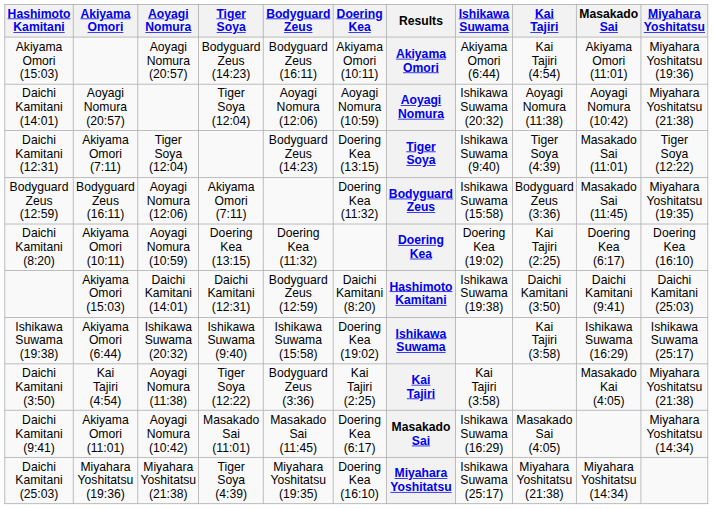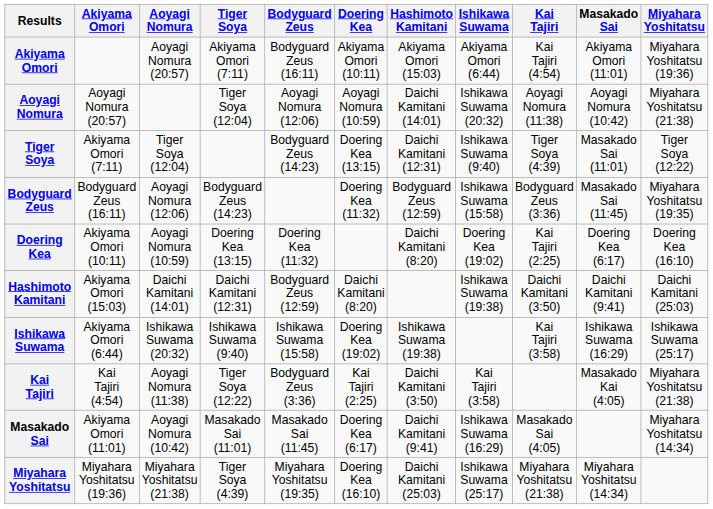 <table class="wikitable" style="text-align:center; margin: 1em auto 1em auto">
 <tr>
-<th><a href='#'>Hashimoto</a><br><a href='#'>Kamitani</a></th>
+<th>Results</th>
 <th><a href='#'>Akiyama</a><br><a href='#'>Omori</a></th>
 <th><a href='#'>Aoyagi</a><br><a href='#'>Nomura</a></th>
 <th><a href='#'>Tiger</a><br><a href='#'>Soya</a></th>
 <th><a href='#'>Bodyguard</a><br><a href='#'>Zeus</a></th>
 <th><a href='#'>Doering</a><br><a href='#'>Kea</a></th>
-<th>Results</th>
+<th><a href='#'>Hashimoto</a><br><a href='#'>Kamitani</a></th>
 <th><a href='#'>Ishikawa</a><br><a href='#'>Suwama</a></th>
 <th><a href='#'>Kai</a><br><a href='#'>Tajiri</a></th>
 <th>Masakado<br><a href='#'>Sai</a></th>
 <th><a href='#'>Miyahara</a><br><a href='#'>Yoshitatsu</a></th>
 </tr>
 <tr>
-<td>Akiyama<br>Omori<br>(15:03)</td>
+<th><a href='#'>Akiyama</a><br><a href='#'>Omori</a></th>
 <td></td>
 <td>Aoyagi<br>Nomura<br>(20:57)</td>
-<td>Bodyguard<br>Zeus<br>(14:23)</td>
+<td>Akiyama<br>Omori<br>(7:11)</td>
 <td>Bodyguard<br>Zeus<br>(16:11)</td>
 <td>Akiyama<br>Omori<br>(10:11)</td>
-<th><a href='#'>Akiyama</a><br><a href='#'>Omori</a></th>
+<td>Akiyama<br>Omori<br>(15:03)</td>
 <td>Akiyama<br>Omori<br>(6:44)</td>
 <td>Kai<br>Tajiri<br>(4:54)</td>
 <td>Akiyama<br>Omori<br>(11:01)</td>
 <td>Miyahara<br>Yoshitatsu<br>(19:36)</td>
 </tr>
 <tr>
-<td>Daichi<br>Kamitani<br>(14:01)</td>
+<th><a href='#'>Aoyagi</a><br><a href='#'>Nomura</a></th>
 <td>Aoyagi<br>Nomura<br>(20:57)</td>
 <td></td>
 <td>Tiger<br>Soya<br>(12:04)</td>
 <td>Aoyagi<br>Nomura<br>(12:06)</td>
 <td>Aoyagi<br>Nomura<br>(10:59)</td>
-<th><a href='#'>Aoyagi</a><br><a href='#'>Nomura</a></th>
+<td>Daichi<br>Kamitani<br>(14:01)</td>
 <td>Ishikawa<br>Suwama<br>(20:32)</td>
 <td>Aoyagi<br>Nomura<br>(11:38)</td>
 <td>Aoyagi<br>Nomura<br>(10:42)</td>
 <td>Miyahara<br>Yoshitatsu<br>(21:38)</td>
 </tr>
 <tr>
-<td>Daichi<br>Kamitani<br>(12:31)</td>
+<th><a href='#'>Tiger</a><br><a href='#'>Soya</a></th>
 <td>Akiyama<br>Omori<br>(7:11)</td>
 <td>Tiger<br>Soya<br>(12:04)</td>
 <td></td>
 <td>Bodyguard<br>Zeus<br>(14:23)</td>
 <td>Doering<br>Kea<br>(13:15)</td>
-<th><a href='#'>Tiger</a><br><a href='#'>Soya</a></th>
+<td>Daichi<br>Kamitani<br>(12:31)</td>
 <td>Ishikawa<br>Suwama<br>(9:40)</td>
 <td>Tiger<br>Soya<br>(4:39)</td>
 <td>Masakado<br>Sai<br>(11:01)</td>
 <td>Tiger<br>Soya<br>(12:22)</td>
 </tr>
 <tr>
-<td>Bodyguard<br>Zeus<br>(12:59)</td>
+<th><a href='#'>Bodyguard</a><br><a href='#'>Zeus</a></th>
 <td>Bodyguard<br>Zeus<br>(16:11)</td>
 <td>Aoyagi<br>Nomura<br>(12:06)</td>
-<td>Akiyama<br>Omori<br>(7:11)</td>
+<td>Bodyguard<br>Zeus<br>(14:23)</td>
 <td></td>
 <td>Doering<br>Kea<br>(11:32)</td>
-<th><a href='#'>Bodyguard</a><br><a href='#'>Zeus</a></th>
+<td>Bodyguard<br>Zeus<br>(12:59)</td>
 <td>Ishikawa<br>Suwama<br>(15:58)</td>
 <td>Bodyguard<br>Zeus<br>(3:36)</td>
 <td>Masakado<br>Sai<br>(11:45)</td>
 <td>Miyahara<br>Yoshitatsu<br>(19:35)</td>
 </tr>
 <tr>
-<td>Daichi<br>Kamitani<br>(8:20)</td>
+<th><a href='#'>Doering</a><br><a href='#'>Kea</a></th>
 <td>Akiyama<br>Omori<br>(10:11)</td>
 <td>Aoyagi<br>Nomura<br>(10:59)</td>
 <td>Doering<br>Kea<br>(13:15)</td>
 <td>Doering<br>Kea<br>(11:32)</td>
 <td></td>
-<th><a href='#'>Doering</a><br><a href='#'>Kea</a></th>
+<td>Daichi<br>Kamitani<br>(8:20)</td>
 <td>Doering<br>Kea<br>(19:02)</td>
 <td>Kai<br>Tajiri<br>(2:25)</td>
 <td>Doering<br>Kea<br>(6:17)</td>
 <td>Doering<br>Kea<br>(16:10)</td>
 </tr>
 <tr>
-<td></td>
+<th><a href='#'>Hashimoto</a><br><a href='#'>Kamitani</a></th>
 <td>Akiyama<br>Omori<br>(15:03)</td>
 <td>Daichi<br>Kamitani<br>(14:01)</td>
 <td>Daichi<br>Kamitani<br>(12:31)</td>
 <td>Bodyguard<br>Zeus<br>(12:59)</td>
 <td>Daichi<br>Kamitani<br>(8:20)</td>
-<th><a href='#'>Hashimoto</a><br><a href='#'>Kamitani</a></th>
+<td></td>
 <td>Ishikawa<br>Suwama<br>(19:38)</td>
 <td>Daichi<br>Kamitani<br>(3:50)</td>
 <td>Daichi<br>Kamitani<br>(9:41)</td>
 <td>Daichi<br>Kamitani<br>(25:03)</td>
 </tr>
 <tr>
-<td>Ishikawa<br>Suwama<br>(19:38)</td>
+<th><a href='#'>Ishikawa</a><br><a href='#'>Suwama</a></th>
 <td>Akiyama<br>Omori<br>(6:44)</td>
 <td>Ishikawa<br>Suwama<br>(20:32)</td>
 <td>Ishikawa<br>Suwama<br>(9:40)</td>
 <td>Ishikawa<br>Suwama<br>(15:58)</td>
 <td>Doering<br>Kea<br>(19:02)</td>
-<th><a href='#'>Ishikawa</a><br><a href='#'>Suwama</a></th>
+<td>Ishikawa<br>Suwama<br>(19:38)</td>
 <td></td>
 <td>Kai<br>Tajiri<br>(3:58)</td>
 <td>Ishikawa<br>Suwama<br>(16:29)</td>
 <td>Ishikawa<br>Suwama<br>(25:17)</td>
 </tr>
 <tr>
-<td>Daichi<br>Kamitani<br>(3:50)</td>
+<th><a href='#'>Kai</a><br><a href='#'>Tajiri</a></th>
 <td>Kai<br>Tajiri<br>(4:54)</td>
 <td>Aoyagi<br>Nomura<br>(11:38)</td>
 <td>Tiger<br>Soya<br>(12:22)</td>
 <td>Bodyguard<br>Zeus<br>(3:36)</td>
 <td>Kai<br>Tajiri<br>(2:25)</td>
-<th><a href='#'>Kai</a><br><a href='#'>Tajiri</a></th>
+<td>Daichi<br>Kamitani<br>(3:50)</td>
 <td>Kai<br>Tajiri<br>(3:58)</td>
 <td></td>
 <td>Masakado<br>Kai<br>(4:05)</td>
 <td>Miyahara<br>Yoshitatsu<br>(21:38)</td>
 </tr>
 <tr>
-<td>Daichi<br>Kamitani<br>(9:41)</td>
+<th>Masakado<br><a href='#'>Sai</a></th>
 <td>Akiyama<br>Omori<br>(11:01)</td>
 <td>Aoyagi<br>Nomura<br>(10:42)</td>
 <td>Masakado<br>Sai<br>(11:01)</td>
 <td>Masakado<br>Sai<br>(11:45)</td>
 <td>Doering<br>Kea<br>(6:17)</td>
-<th>Masakado<br><a href='#'>Sai</a></th>
+<td>Daichi<br>Kamitani<br>(9:41)</td>
 <td>Ishikawa<br>Suwama<br>(16:29)</td>
 <td>Masakado<br>Sai<br>(4:05)</td>
 <td></td>
 <td>Miyahara<br>Yoshitatsu<br>(14:34)</td>
 </tr>
 <tr>
-<td>Daichi<br>Kamitani<br>(25:03)</td>
+<th><a href='#'>Miyahara</a><br><a href='#'>Yoshitatsu</a></th>
 <td>Miyahara<br>Yoshitatsu<br>(19:36)</td>
 <td>Miyahara<br>Yoshitatsu<br>(21:38)</td>
 <td>Tiger<br>Soya<br>(4:39)</td>
 <td>Miyahara<br>Yoshitatsu<br>(19:35)</td>
 <td>Doering<br>Kea<br>(16:10)</td>
-<th><a href='#'>Miyahara</a><br><a href='#'>Yoshitatsu</a></th>
+<td>Daichi<br>Kamitani<br>(25:03)</td>
 <td>Ishikawa<br>Suwama<br>(25:17)</td>
 <td>Miyahara<br>Yoshitatsu<br>(21:38)</td>
 <td>Miyahara<br>Yoshitatsu<br>(14:34)</td>
 <td></td>
 </tr>
 </table>
